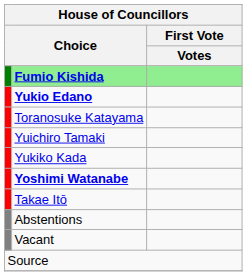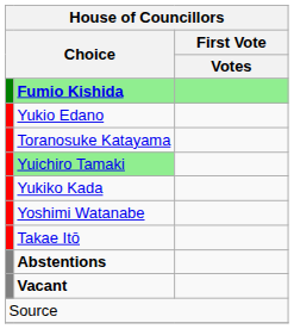 <table class="wikitable" style="font-size:90%;">
 <tr>
 <th colspan="4">House of Councillors</th>
 </tr>
 <tr>
 <th align="left" rowspan="2" colspan="2" width="100">Choice</th>
 <th colspan="2">First Vote</th>
 </tr>
 <tr>
 <th width="100">Votes</th>
 </tr>
 <tr style="background:lightgreen;">
 <td width="1" bgcolor="green"></td>
 <td align="left"><strong><a href='#'>Fumio Kishida</a></strong></td>
 <td></td>
 </tr>
 <tr>
 <td bgcolor="red"></td>
-<td align="left"><strong><a href='#'>Yukio Edano</a></strong></td>
+<td align="left"><a href='#'>Yukio Edano</a></td>
 <td></td>
 </tr>
 <tr>
 <td bgcolor="red"></td>
 <td align="left"><a href='#'>Toranosuke Katayama</a></td>
 <td></td>
 </tr>
 <tr>
 <td bgcolor="red"></td>
-<td align="left"><a href='#'>Yuichiro Tamaki</a></td>
+<td align="left" style="background: lightgreen;"><a href='#'>Yuichiro Tamaki</a></td>
 <td></td>
 </tr>
 <tr>
 <td bgcolor="red"></td>
 <td align="left"><a href='#'>Yukiko Kada</a></td>
 <td></td>
 </tr>
 <tr>
 <td bgcolor="red"></td>
-<td align="left"><strong><a href='#'>Yoshimi Watanabe</a></strong></td>
+<td align="left"><a href='#'>Yoshimi Watanabe</a></td>
 <td></td>
 </tr>
 <tr>
 <td bgcolor="red"></td>
 <td align="left"><a href='#'>Takae Itō</a></td>
 <td></td>
 </tr>
 <tr>
 <td bgcolor="gray"></td>
-<td align="left">Abstentions</td>
+<td align="left"><strong>Abstentions</strong></td>
 <td></td>
 </tr>
 <tr>
 <td bgcolor="gray"></td>
-<td align="left">Vacant</td>
+<td align="left"><strong>Vacant</strong></td>
 <td></td>
 </tr>
 <tr>
 <td colspan=3>Source</td>
 </tr>
 <tr>
 </tr>
 </table>
